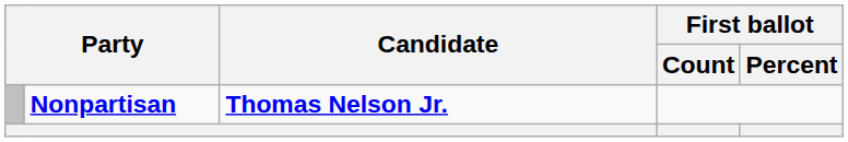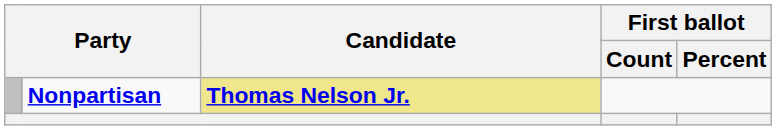 <table class=wikitable>
 <tr>
 <th colspan=2 rowspan=2 style="width: 130px">Party</th>
 <th rowspan=2 style="width: 17em">Candidate</th>
 <th colspan=2>First ballot</th>
 </tr>
 <tr>
 <th style="width: 2.5em">Count</th>
 <th style="width: 2.5em">Percent</th>
 </tr>
 <tr>
 <td style="background-color:#C0C0C0; width:5px;"></td>
 <td><strong><a href='#'>Nonpartisan</a></strong></td>
-<td><strong><a href='#'>Thomas Nelson Jr.</a></strong></td>
+<td style="background: khaki;"><strong><a href='#'>Thomas Nelson Jr.</a></strong></td>
 <td align=right colspan=2></td>
 </tr>
 <tr>
 <th colspan=3></th>
 <th></th>
 <th></th>
 </tr>
 </table>
